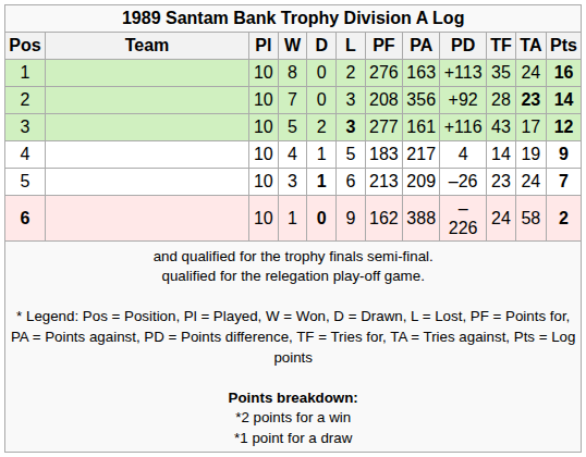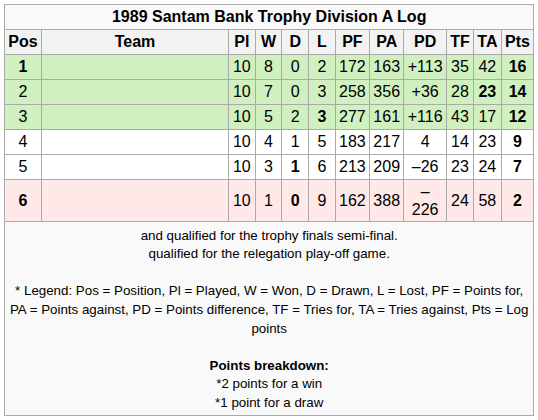 <table class="wikitable" style="text-align:center; line-height:110%; font-size:100%; width:60%;">
 <tr>
 <td colspan="12" cellpadding="0" cellspacing="0"><strong>1989 Santam Bank Trophy Division A Log</strong></td>
 </tr>
 <tr>
 <th style="width:5%;">Pos</th>
 <th style="width:35%;">Team</th>
 <th style="width:5%;">Pl</th>
 <th style="width:5%;">W</th>
 <th style="width:5%;">D</th>
 <th style="width:5%;">L</th>
 <th style="width:5%;">PF</th>
 <th style="width:5%;">PA</th>
 <th style="width:5%;">PD</th>
 <th style="width:5%;">TF</th>
 <th style="width:5%;">TA</th>
 <th style="width:5%;">Pts<br></th>
 </tr>
 <tr bgcolor=#D0F0C0 align=center>
-<td>1</td>
+<td><strong>1</strong></td>
 <td align=left></td>
 <td>10</td>
 <td>8</td>
 <td>0</td>
 <td>2</td>
-<td>276</td>
+<td>172</td>
 <td>163</td>
 <td>+113</td>
 <td>35</td>
-<td>24</td>
+<td>42</td>
 <td><strong>16</strong></td>
 </tr>
 <tr bgcolor=#D0F0C0 align=center>
 <td>2</td>
 <td align=left></td>
 <td>10</td>
 <td>7</td>
 <td>0</td>
 <td>3</td>
-<td>208</td>
+<td>258</td>
 <td>356</td>
-<td>+92</td>
+<td>+36</td>
 <td>28</td>
 <td><strong>23</strong></td>
 <td><strong>14</strong></td>
 </tr>
 <tr bgcolor=#D0F0C0 align=center>
 <td>3</td>
 <td align=left></td>
 <td>10</td>
 <td>5</td>
 <td>2</td>
 <td><strong>3</strong></td>
 <td>277</td>
 <td>161</td>
 <td>+116</td>
 <td>43</td>
 <td>17</td>
 <td><strong>12</strong></td>
 </tr>
 <tr bgcolor=#FFFFFF align=center>
 <td>4</td>
 <td align=left></td>
 <td>10</td>
 <td>4</td>
 <td>1</td>
 <td>5</td>
 <td>183</td>
 <td>217</td>
 <td>4</td>
 <td>14</td>
-<td>19</td>
+<td>23</td>
 <td><strong>9</strong></td>
 </tr>
 <tr bgcolor=#FFFFFF align=center>
 <td>5</td>
 <td align=left></td>
 <td>10</td>
 <td>3</td>
 <td><strong>1</strong></td>
 <td>6</td>
 <td>213</td>
 <td>209</td>
 <td>–26</td>
 <td>23</td>
 <td>24</td>
 <td><strong>7</strong></td>
 </tr>
 <tr bgcolor=#FFE8E8 align=center>
 <td><strong>6</strong></td>
 <td align=left></td>
 <td>10</td>
 <td>1</td>
 <td><strong>0</strong></td>
 <td>9</td>
 <td>162</td>
 <td>388</td>
 <td>–226</td>
 <td>24</td>
 <td>58</td>
 <td><strong>2</strong></td>
 </tr>
 <tr>
 <td colspan="12" style="border:0px"><small> and  qualified for the trophy finals semi-final.<br> qualified for the relegation play-off game.<br><br>* Legend: Pos = Position, Pl = Played, W = Won, D = Drawn, L = Lost, PF = Points for, PA = Points against, PD = Points difference, TF = Tries for, TA = Tries against, Pts = Log points<br><br><strong>Points breakdown:</strong><br>*2 points for a win<br>*1 point for a draw</small></td>
 </tr>
 </table>
